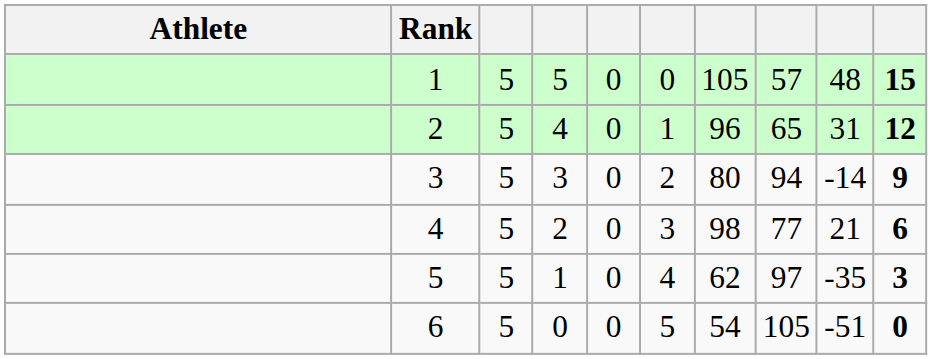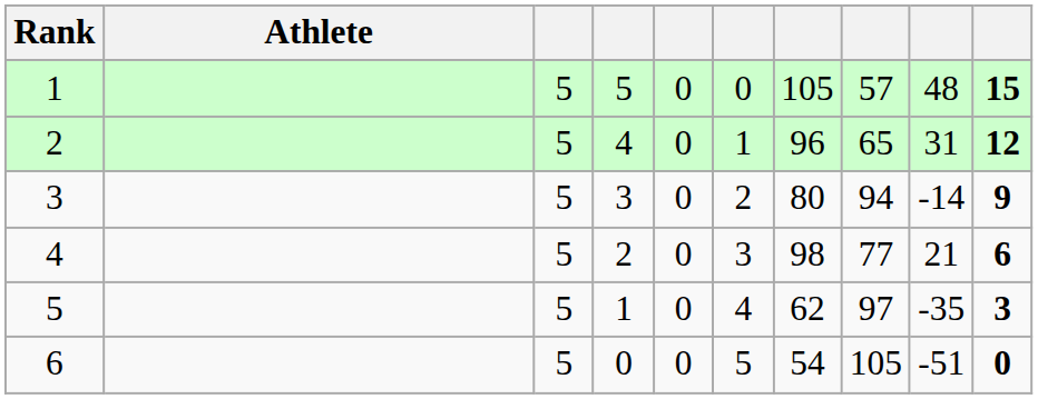 <table class=wikitable style="text-align:center">
 <tr>
+<th width=20>Rank</th>
 <th width=190>Athlete</th>
-<th width=20>Rank</th>
 <th width=20></th>
 <th width=20></th>
 <th width=20></th>
 <th width=20></th>
 <th width=20></th>
 <th width=20></th>
 <th width=20></th>
 <th width=20></th>
 </tr>
 <tr bgcolor="#ccffcc">
+<td>1</td>
 <td align=left></td>
-<td>1</td>
 <td>5</td>
 <td>5</td>
 <td>0</td>
 <td>0</td>
 <td>105</td>
 <td>57</td>
 <td>48</td>
 <td><strong>15</strong></td>
 </tr>
 <tr bgcolor="#ccffcc">
+<td>2</td>
 <td align=left></td>
-<td>2</td>
 <td>5</td>
 <td>4</td>
 <td>0</td>
 <td>1</td>
 <td>96</td>
 <td>65</td>
 <td>31</td>
 <td><strong>12</strong></td>
 </tr>
 <tr>
+<td>3</td>
 <td align=left></td>
-<td>3</td>
 <td>5</td>
 <td>3</td>
 <td>0</td>
 <td>2</td>
 <td>80</td>
 <td>94</td>
 <td>-14</td>
 <td><strong>9</strong></td>
 </tr>
 <tr>
+<td>4</td>
 <td align=left></td>
-<td>4</td>
 <td>5</td>
 <td>2</td>
 <td>0</td>
 <td>3</td>
 <td>98</td>
 <td>77</td>
 <td>21</td>
 <td><strong>6</strong></td>
 </tr>
 <tr>
+<td>5</td>
 <td align=left></td>
-<td>5</td>
 <td>5</td>
 <td>1</td>
 <td>0</td>
 <td>4</td>
 <td>62</td>
 <td>97</td>
 <td>-35</td>
 <td><strong>3</strong></td>
 </tr>
 <tr>
+<td>6</td>
 <td align=left></td>
-<td>6</td>
 <td>5</td>
 <td>0</td>
 <td>0</td>
 <td>5</td>
 <td>54</td>
 <td>105</td>
 <td>-51</td>
 <td><strong>0</strong></td>
 </tr>
 </table>
